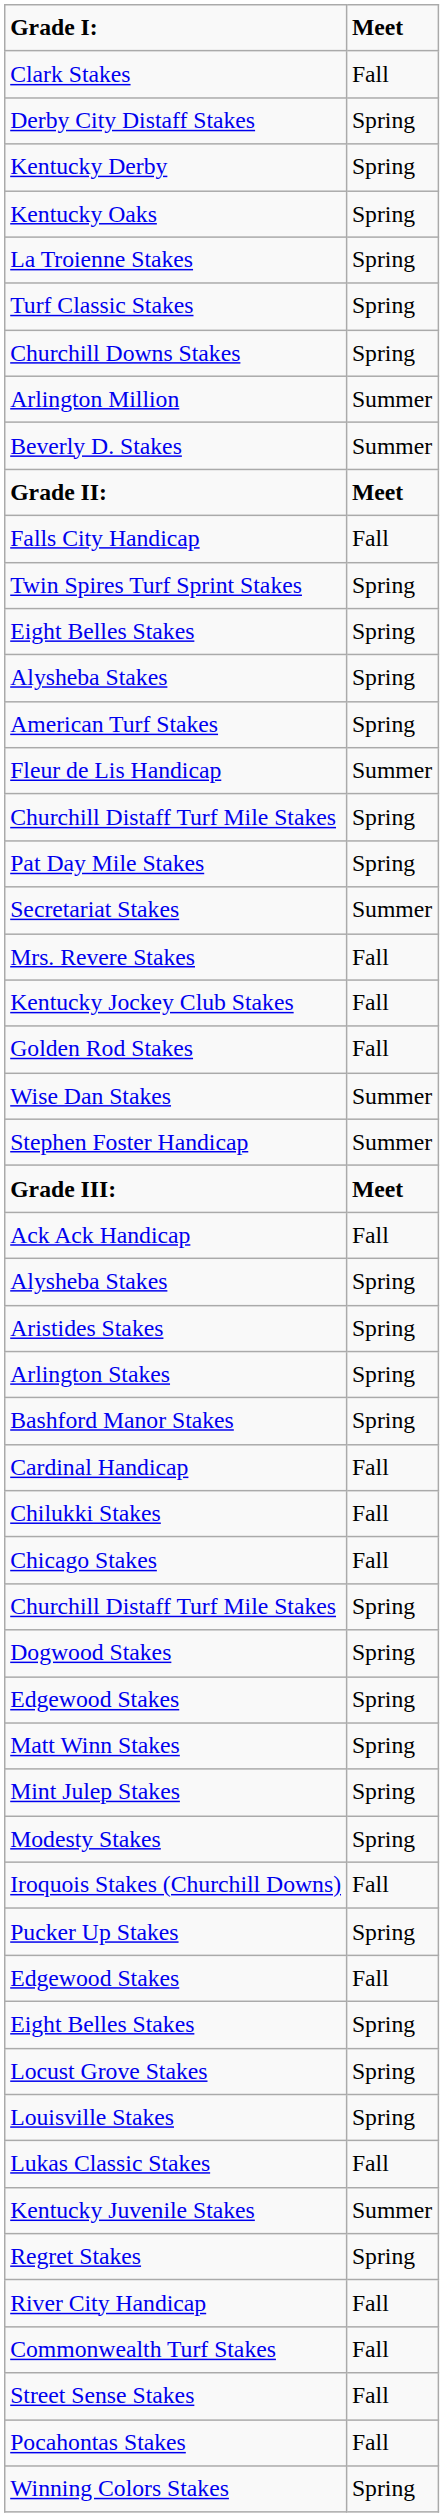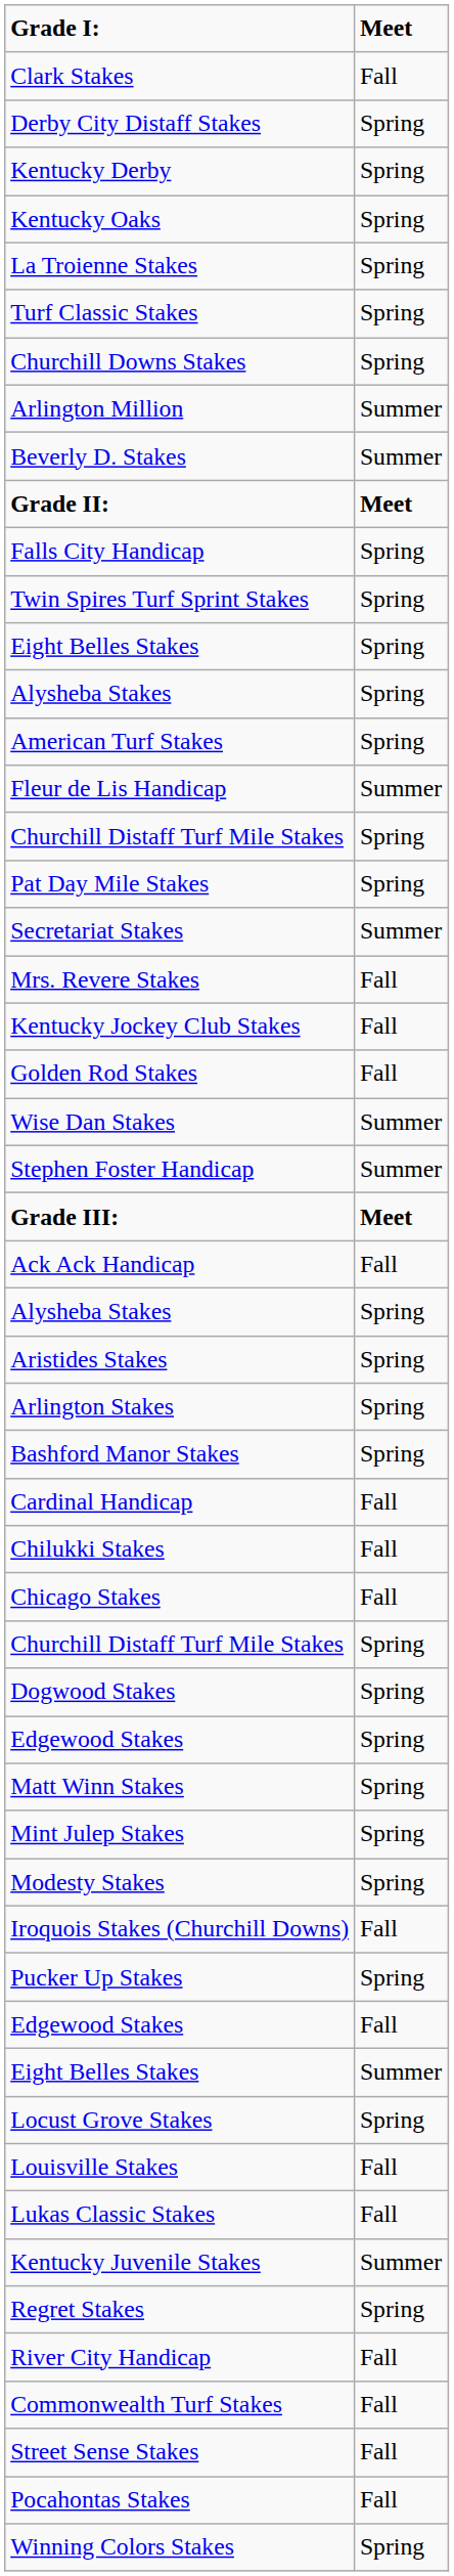 <table class="wikitable sortable" style="font-size:1.00em; line-height:1.5em;">
 <tr>
 <td><strong>Grade I:</strong></td>
 <td><strong>Meet</strong></td>
 </tr>
 <tr>
 <td><a href='#'>Clark Stakes</a></td>
 <td>Fall</td>
 </tr>
 <tr>
 <td><a href='#'>Derby City Distaff Stakes</a></td>
 <td>Spring</td>
 </tr>
 <tr>
 <td><a href='#'>Kentucky Derby</a></td>
 <td>Spring</td>
 </tr>
 <tr>
 <td><a href='#'>Kentucky Oaks</a></td>
 <td>Spring</td>
 </tr>
 <tr>
 <td><a href='#'>La Troienne Stakes</a></td>
 <td>Spring</td>
 </tr>
 <tr>
 <td><a href='#'>Turf Classic Stakes</a></td>
 <td>Spring</td>
 </tr>
 <tr>
 <td><a href='#'>Churchill Downs Stakes</a></td>
 <td>Spring</td>
 </tr>
 <tr>
 <td><a href='#'>Arlington Million</a></td>
 <td>Summer</td>
 </tr>
 <tr>
 <td><a href='#'>Beverly D. Stakes</a></td>
 <td>Summer</td>
 </tr>
 <tr>
 <td><strong>Grade II:</strong></td>
 <td><strong>Meet</strong></td>
 </tr>
 <tr>
 <td><a href='#'>Falls City Handicap</a></td>
-<td>Fall</td>
+<td>Spring</td>
 </tr>
 <tr>
 <td><a href='#'>Twin Spires Turf Sprint Stakes</a></td>
 <td>Spring</td>
 </tr>
 <tr>
 <td><a href='#'>Eight Belles Stakes</a></td>
 <td>Spring</td>
 </tr>
 <tr>
 <td><a href='#'>Alysheba Stakes</a></td>
 <td>Spring</td>
 </tr>
 <tr>
 <td><a href='#'>American Turf Stakes</a></td>
 <td>Spring</td>
 </tr>
 <tr>
 <td><a href='#'>Fleur de Lis Handicap</a></td>
 <td>Summer</td>
 </tr>
 <tr>
 <td><a href='#'>Churchill Distaff Turf Mile Stakes</a></td>
 <td>Spring</td>
 </tr>
 <tr>
 <td><a href='#'>Pat Day Mile Stakes</a></td>
 <td>Spring</td>
 </tr>
 <tr>
 <td><a href='#'>Secretariat Stakes</a></td>
 <td>Summer</td>
 </tr>
 <tr>
 <td><a href='#'>Mrs. Revere Stakes</a></td>
 <td>Fall</td>
 </tr>
 <tr>
 <td><a href='#'>Kentucky Jockey Club Stakes</a></td>
 <td>Fall</td>
 </tr>
 <tr>
 <td><a href='#'>Golden Rod Stakes</a></td>
 <td>Fall</td>
 </tr>
 <tr>
 <td><a href='#'>Wise Dan Stakes</a></td>
 <td>Summer</td>
 </tr>
 <tr>
 <td><a href='#'>Stephen Foster Handicap</a></td>
 <td>Summer</td>
 </tr>
 <tr>
 <td><strong>Grade III:</strong></td>
 <td><strong>Meet</strong></td>
 </tr>
 <tr>
 <td><a href='#'>Ack Ack Handicap</a></td>
 <td>Fall</td>
 </tr>
 <tr>
 <td><a href='#'>Alysheba Stakes</a></td>
 <td>Spring</td>
 </tr>
 <tr>
 <td><a href='#'>Aristides Stakes</a></td>
 <td>Spring</td>
 </tr>
 <tr>
 <td><a href='#'>Arlington Stakes</a></td>
 <td>Spring</td>
 </tr>
 <tr>
 <td><a href='#'>Bashford Manor Stakes</a></td>
 <td>Spring</td>
 </tr>
 <tr>
 <td><a href='#'>Cardinal Handicap</a></td>
 <td>Fall</td>
 </tr>
 <tr>
 <td><a href='#'>Chilukki Stakes</a></td>
 <td>Fall</td>
 </tr>
 <tr>
 <td><a href='#'>Chicago Stakes</a></td>
 <td>Fall</td>
 </tr>
 <tr>
 <td><a href='#'>Churchill Distaff Turf Mile Stakes</a></td>
 <td>Spring</td>
 </tr>
 <tr>
 <td><a href='#'>Dogwood Stakes</a></td>
 <td>Spring</td>
 </tr>
 <tr>
 <td><a href='#'>Edgewood Stakes</a></td>
 <td>Spring</td>
 </tr>
 <tr>
 <td><a href='#'>Matt Winn Stakes</a></td>
 <td>Spring</td>
 </tr>
 <tr>
 <td><a href='#'>Mint Julep Stakes</a></td>
 <td>Spring</td>
 </tr>
 <tr>
 <td><a href='#'>Modesty Stakes</a></td>
 <td>Spring</td>
 </tr>
 <tr>
 <td><a href='#'>Iroquois Stakes (Churchill Downs)</a></td>
 <td>Fall</td>
 </tr>
 <tr>
 <td><a href='#'>Pucker Up Stakes</a></td>
 <td>Spring</td>
 </tr>
 <tr>
 <td><a href='#'>Edgewood Stakes</a></td>
 <td>Fall</td>
 </tr>
 <tr>
 <td><a href='#'>Eight Belles Stakes</a></td>
-<td>Spring</td>
+<td>Summer</td>
 </tr>
 <tr>
 <td><a href='#'>Locust Grove Stakes</a></td>
 <td>Spring</td>
 </tr>
 <tr>
 <td><a href='#'>Louisville Stakes</a></td>
-<td>Spring</td>
+<td>Fall</td>
 </tr>
 <tr>
 <td><a href='#'>Lukas Classic Stakes</a></td>
 <td>Fall</td>
 </tr>
 <tr>
 <td><a href='#'>Kentucky Juvenile Stakes</a></td>
 <td>Summer</td>
 </tr>
 <tr>
 <td><a href='#'>Regret Stakes</a></td>
 <td>Spring</td>
 </tr>
 <tr>
 <td><a href='#'>River City Handicap</a></td>
 <td>Fall</td>
 </tr>
 <tr>
 <td><a href='#'>Commonwealth Turf Stakes</a></td>
 <td>Fall</td>
 </tr>
 <tr>
 <td><a href='#'>Street Sense Stakes</a></td>
 <td>Fall</td>
 </tr>
 <tr>
 <td><a href='#'>Pocahontas Stakes</a></td>
 <td>Fall</td>
 </tr>
 <tr>
 <td><a href='#'>Winning Colors Stakes</a></td>
 <td>Spring</td>
 </tr>
 </table>
